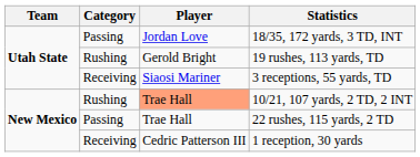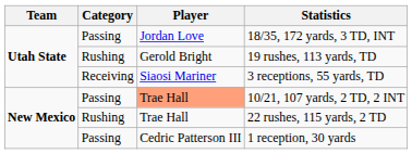 <table class="wikitable" style="float: left;">
 <tr>
 <th>Team</th>
 <th>Category</th>
 <th>Player</th>
 <th>Statistics</th>
 </tr>
 <tr>
 <td rowspan=3><strong>Utah State</strong></td>
 <td>Passing</td>
 <td><a href='#'>Jordan Love</a></td>
 <td>18/35, 172 yards, 3 TD, INT</td>
 </tr>
 <tr>
 <td>Rushing</td>
 <td>Gerold Bright</td>
 <td>19 rushes, 113 yards, TD</td>
 </tr>
 <tr>
 <td>Receiving</td>
 <td><a href='#'>Siaosi Mariner</a></td>
 <td>3 receptions, 55 yards, TD</td>
 </tr>
 <tr>
 <td rowspan=3><strong>New Mexico</strong></td>
-<td>Rushing</td>
+<td>Passing</td>
 <td style="background: lightsalmon;">Trae Hall</td>
 <td>10/21, 107 yards, 2 TD, 2 INT</td>
 </tr>
 <tr>
-<td>Passing</td>
+<td>Rushing</td>
 <td>Trae Hall</td>
 <td>22 rushes, 115 yards, 2 TD</td>
 </tr>
 <tr>
-<td>Receiving</td>
+<td>Passing</td>
 <td>Cedric Patterson III</td>
 <td>1 reception, 30 yards</td>
 </tr>
 </table>
